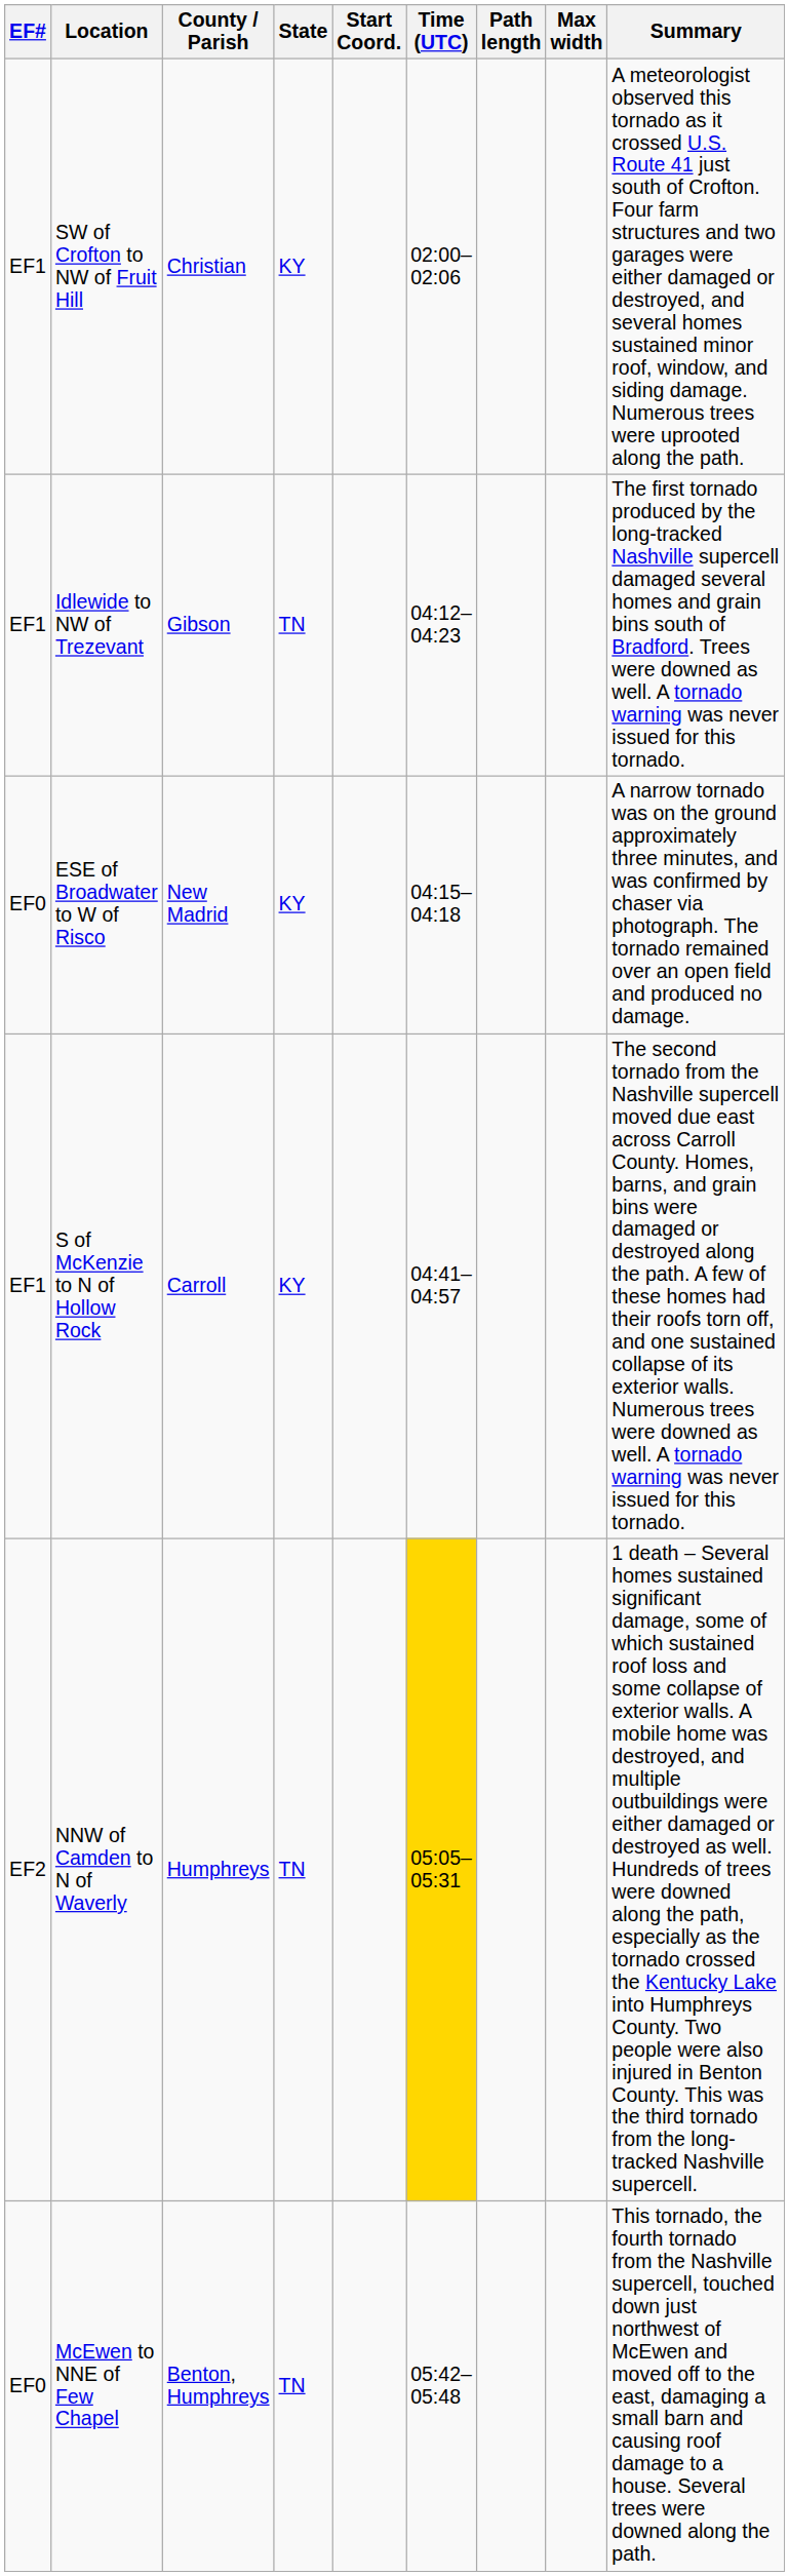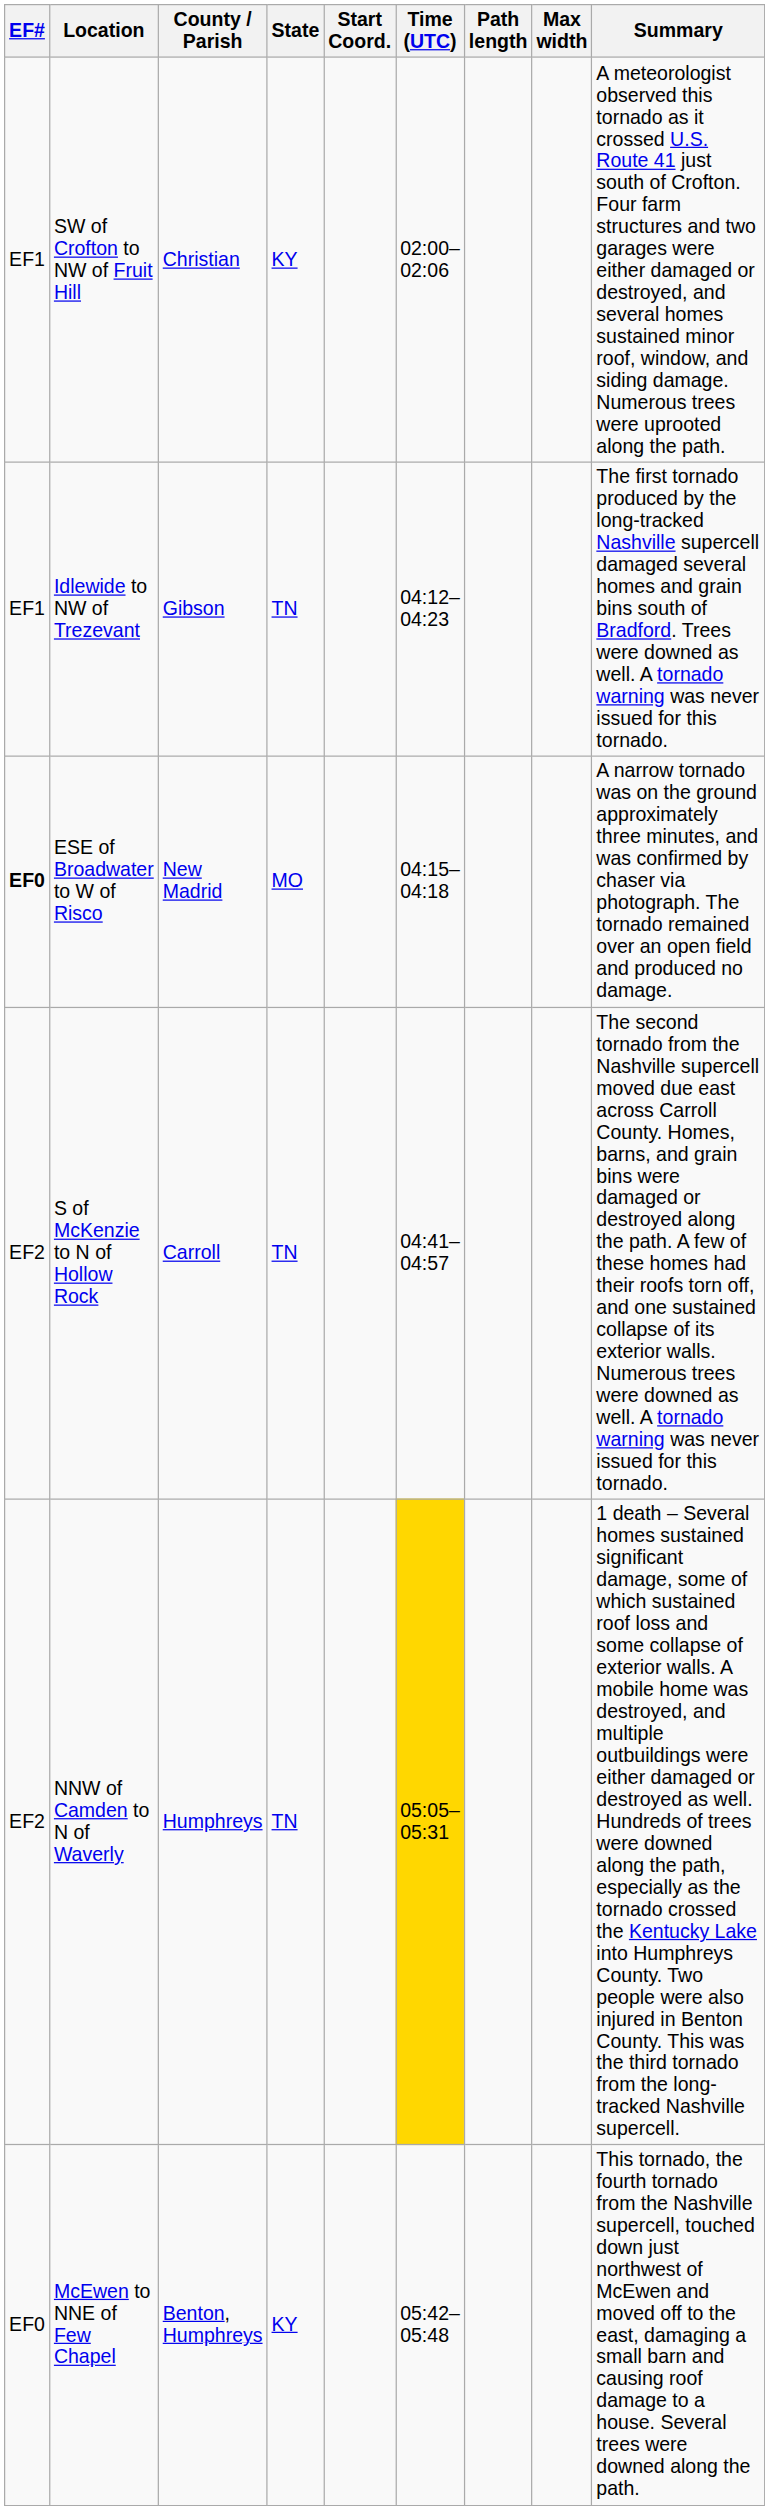 <table class="wikitable sortable" style="width:100%;">
 <tr>
 <th scope="col"  style="width:3%; text-align:center;"><a href='#'>EF#</a></th>
 <th scope="col"  style="width:7%; text-align:center;" class="unsortable">Location</th>
 <th scope="col"  style="width:6%; text-align:center;" class="unsortable">County / Parish</th>
 <th scope="col"  style="width:3%; text-align:center;">State</th>
 <th scope="col"  style="width:6%; text-align:center;">Start Coord.</th>
 <th scope="col"  style="width:5%; text-align:center;">Time (<a href='#'>UTC</a>)</th>
 <th scope="col"  style="width:6%; text-align:center;">Path length</th>
 <th scope="col"  style="width:6%; text-align:center;">Max width</th>
 <th scope="col" class="unsortable" style="width:48%; text-align:center;">Summary</th>
 </tr>
 <tr>
 <td>EF1</td>
 <td>SW of <a href='#'>Crofton</a> to NW of <a href='#'>Fruit Hill</a></td>
 <td><a href='#'>Christian</a></td>
 <td><a href='#'>KY</a></td>
 <td></td>
 <td>02:00–02:06</td>
 <td></td>
 <td></td>
 <td>A meteorologist observed this tornado as it crossed <a href='#'>U.S. Route 41</a> just south of Crofton. Four farm structures and two garages were either damaged or destroyed, and several homes sustained minor roof, window, and siding damage. Numerous trees were uprooted along the path.</td>
 </tr>
 <tr>
 <td>EF1</td>
 <td><a href='#'>Idlewide</a> to NW of <a href='#'>Trezevant</a></td>
 <td><a href='#'>Gibson</a></td>
 <td><a href='#'>TN</a></td>
 <td></td>
 <td>04:12–04:23</td>
 <td></td>
 <td></td>
 <td>The first tornado produced by the long-tracked <a href='#'>Nashville</a> supercell damaged several homes and grain bins south of <a href='#'>Bradford</a>. Trees were downed as well. A <a href='#'>tornado warning</a> was never issued for this tornado.</td>
 </tr>
 <tr>
-<td>EF0</td>
+<td><strong>EF0</strong></td>
 <td>ESE of <a href='#'>Broadwater</a> to W of <a href='#'>Risco</a></td>
 <td><a href='#'>New Madrid</a></td>
-<td><a href='#'>KY</a></td>
+<td><a href='#'>MO</a></td>
 <td></td>
 <td>04:15–04:18</td>
 <td></td>
 <td></td>
 <td>A narrow tornado was on the ground approximately three minutes, and was confirmed by chaser via photograph. The tornado remained over an open field and produced no damage.</td>
 </tr>
 <tr>
-<td>EF1</td>
+<td>EF2</td>
 <td>S of <a href='#'>McKenzie</a> to N of <a href='#'>Hollow Rock</a></td>
 <td><a href='#'>Carroll</a></td>
-<td><a href='#'>KY</a></td>
+<td><a href='#'>TN</a></td>
 <td></td>
 <td>04:41–04:57</td>
 <td></td>
 <td></td>
 <td>The second tornado from the Nashville supercell moved due east across Carroll County. Homes, barns, and grain bins were damaged or destroyed along the path. A few of these homes had their roofs torn off, and one sustained collapse of its exterior walls. Numerous trees were downed as well. A <a href='#'>tornado warning</a> was never issued for this tornado.</td>
 </tr>
 <tr>
 <td>EF2</td>
 <td>NNW of <a href='#'>Camden</a> to N of <a href='#'>Waverly</a></td>
 <td><a href='#'>Humphreys</a></td>
 <td><a href='#'>TN</a></td>
 <td></td>
 <td style="background: gold;">05:05–05:31</td>
 <td></td>
 <td></td>
 <td>1 death – Several homes sustained significant damage, some of which sustained roof loss and some collapse of exterior walls. A mobile home was destroyed, and multiple outbuildings were either damaged or destroyed as well. Hundreds of trees were downed along the path, especially as the tornado crossed the <a href='#'>Kentucky Lake</a> into Humphreys County. Two people were also injured in Benton County. This was the third tornado from the long-tracked Nashville supercell.</td>
 </tr>
 <tr>
 <td>EF0</td>
 <td><a href='#'>McEwen</a> to NNE of <a href='#'>Few Chapel</a></td>
 <td><a href='#'>Benton</a>, <a href='#'>Humphreys</a></td>
-<td><a href='#'>TN</a></td>
+<td><a href='#'>KY</a></td>
 <td></td>
 <td>05:42–05:48</td>
 <td></td>
 <td></td>
 <td>This tornado, the fourth tornado from the Nashville supercell, touched down just northwest of McEwen and moved off to the east, damaging a small barn and causing roof damage to a house. Several trees were downed along the path.</td>
 </tr>
 <tr>
 </tr>
 </table>
